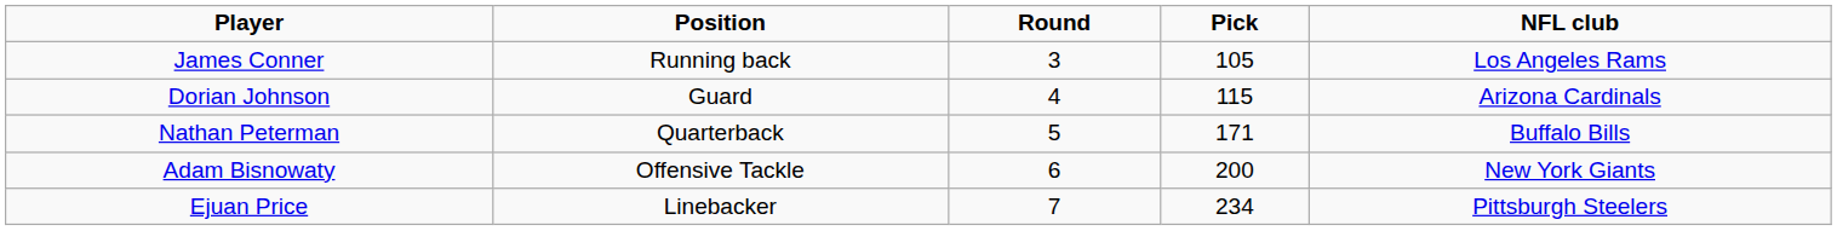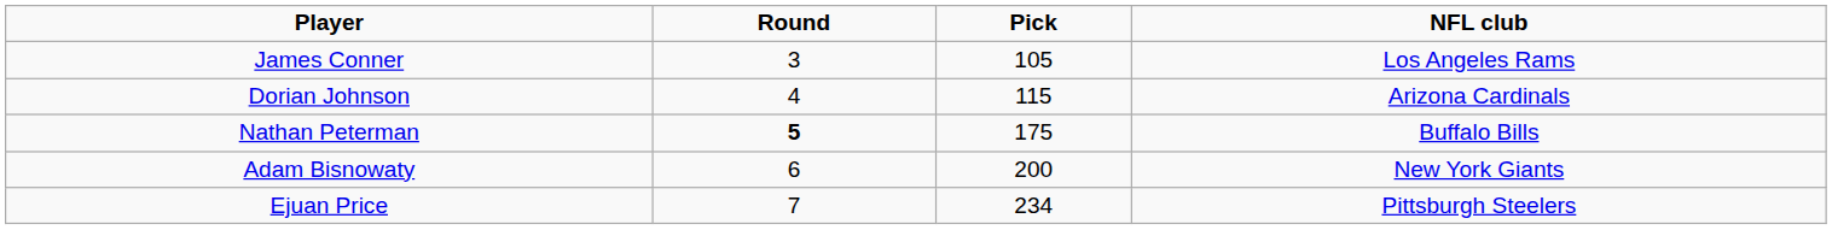 <table class="wikitable" style="width:80%;">
 <tr style="text-align:center; ">
 <td><strong>Player</strong></td>
-<td><strong>Position</strong></td>
 <td><strong>Round</strong></td>
 <td><strong>Pick</strong></td>
 <td><strong>NFL club</strong></td>
 </tr>
 <tr align="center" bgcolor="">
 <td><a href='#'>James Conner</a></td>
-<td>Running back</td>
 <td>3</td>
 <td>105</td>
 <td><a href='#'>Los Angeles Rams</a></td>
 </tr>
 <tr align="center" bgcolor="">
 <td><a href='#'>Dorian Johnson</a></td>
-<td>Guard</td>
 <td>4</td>
 <td>115</td>
 <td><a href='#'>Arizona Cardinals</a></td>
 </tr>
 <tr align="center" bgcolor="">
 <td><a href='#'>Nathan Peterman</a></td>
-<td>Quarterback</td>
-<td>5</td>
-<td>171</td>
+<td><strong>5</strong></td>
+<td>175</td>
 <td><a href='#'>Buffalo Bills</a></td>
 </tr>
 <tr align="center" bgcolor="">
 <td><a href='#'>Adam Bisnowaty</a></td>
-<td>Offensive Tackle</td>
 <td>6</td>
 <td>200</td>
 <td><a href='#'>New York Giants</a></td>
 </tr>
 <tr align="center" bgcolor="">
 <td><a href='#'>Ejuan Price</a></td>
-<td>Linebacker</td>
 <td>7</td>
 <td>234</td>
 <td><a href='#'>Pittsburgh Steelers</a></td>
 </tr>
 </table>
